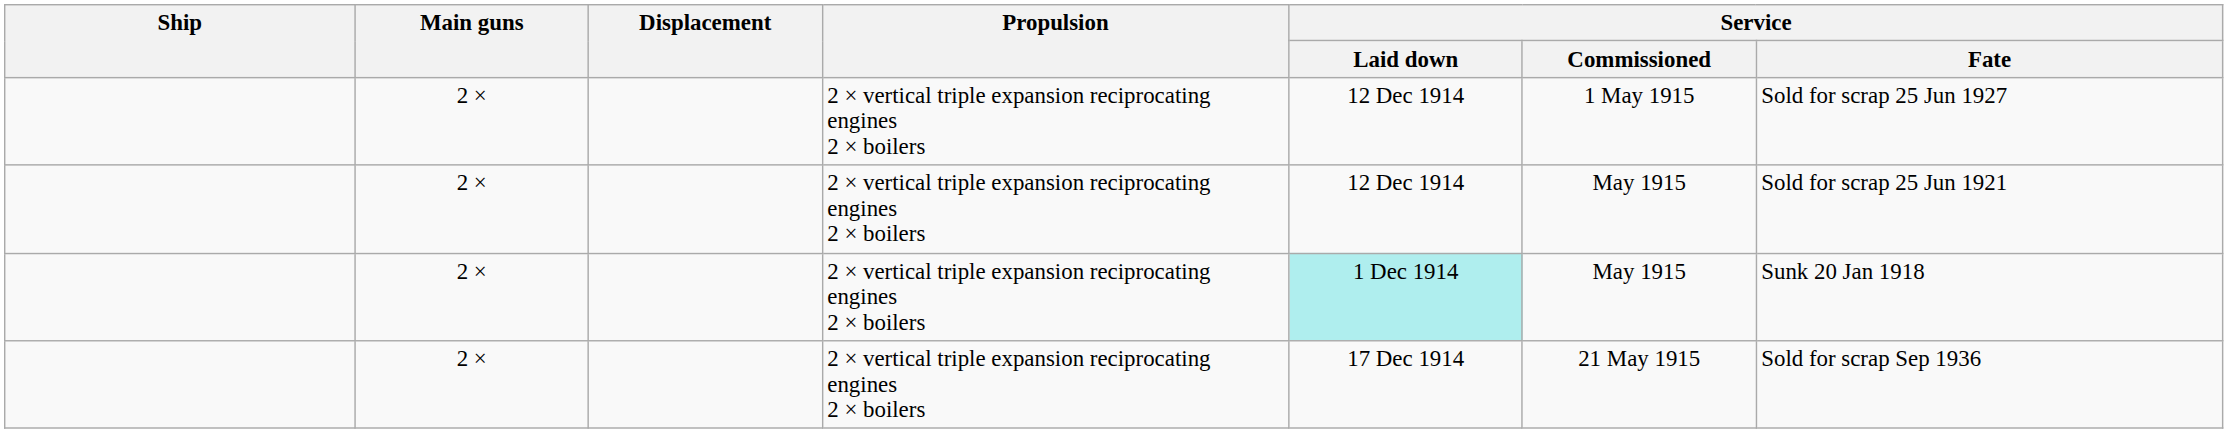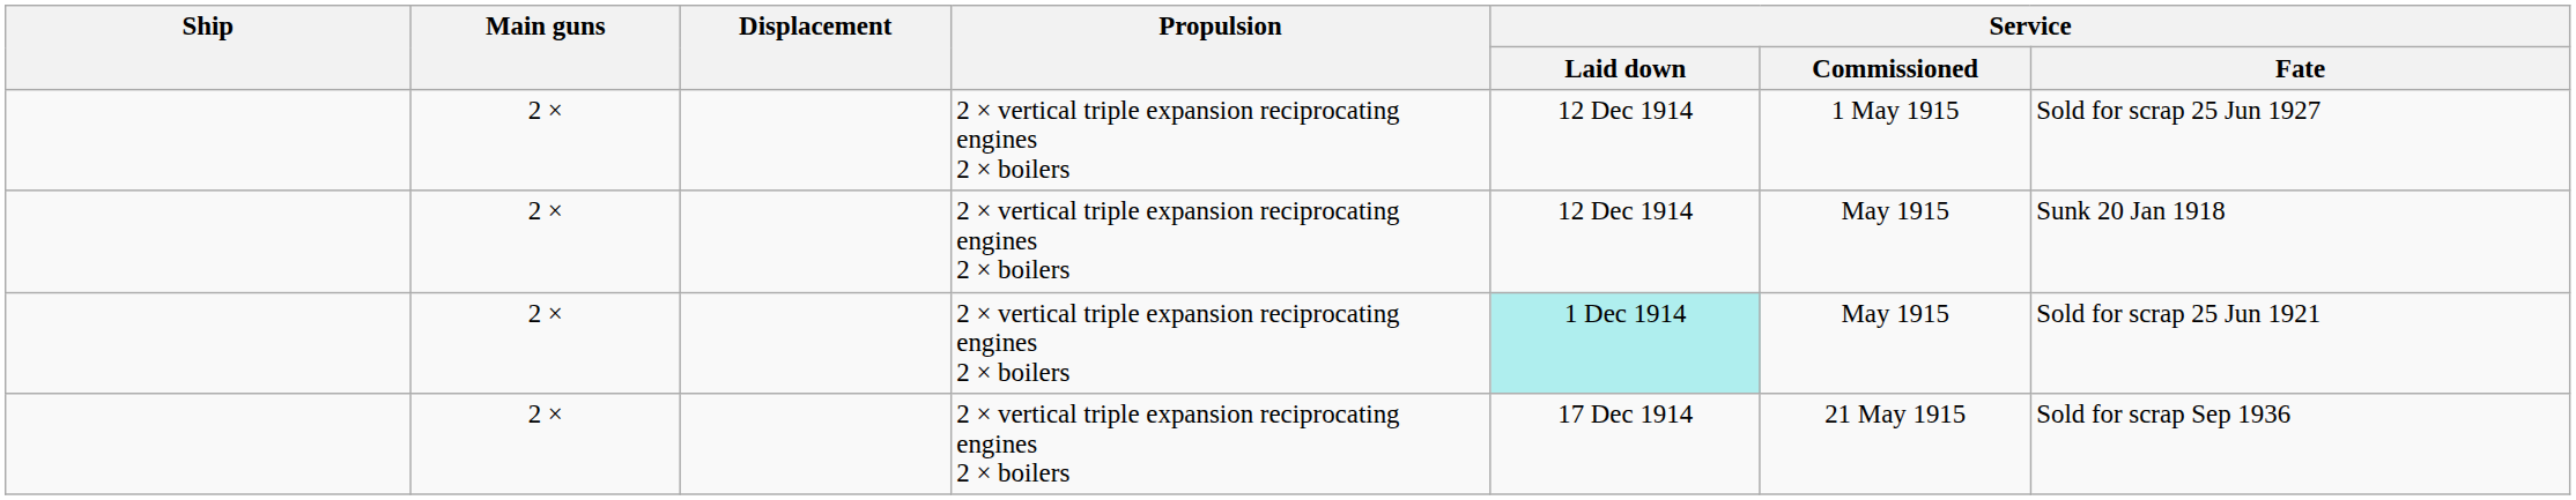 <table class="wikitable" style="width:98%;">
 <tr valign="top"|- valign="top">
 <th style="width:15%; text-align:center;" rowspan="2">Ship</th>
 <th style="width:10%; text-align:center;" rowspan="2">Main guns</th>
 <th style="width:10%; text-align:center;" rowspan="2">Displacement</th>
 <th style="width:20%; text-align:center;" rowspan="2">Propulsion</th>
 <th style="width:40%; text-align:center;" colspan="3">Service</th>
 </tr>
 <tr valign="top">
 <th style="width:10%; text-align:center;">Laid down</th>
 <th style="width:10%; text-align:center;">Commissioned</th>
 <th style="width:20%; text-align:center;">Fate</th>
 </tr>
 <tr valign="top">
 <td align= left></td>
 <td style="text-align:center;">2 × </td>
 <td style="text-align:center;"></td>
 <td align= left>2 × vertical triple expansion reciprocating engines<br>2 × boilers</td>
 <td style="text-align:center;">12 Dec 1914</td>
 <td style="text-align:center;">1 May 1915</td>
 <td align= left>Sold for scrap 25 Jun 1927</td>
 </tr>
 <tr valign="top">
 <td align= left></td>
 <td style="text-align:center;">2 × </td>
 <td style="text-align:center;"></td>
 <td align= left>2 × vertical triple expansion reciprocating engines<br>2 × boilers</td>
 <td style="text-align:center;">12 Dec 1914</td>
 <td style="text-align:center;">May 1915</td>
-<td align= left>Sold for scrap 25 Jun 1921</td>
+<td align= left>Sunk 20 Jan 1918</td>
 </tr>
 <tr valign="top">
 <td align= left></td>
 <td style="text-align:center;">2 × </td>
 <td style="text-align:center;"></td>
 <td align= left>2 × vertical triple expansion reciprocating engines<br>2 × boilers</td>
 <td style="background: paleturquoise; text-align:center;">1 Dec 1914</td>
 <td style="text-align:center;">May 1915</td>
-<td align= left>Sunk 20 Jan 1918</td>
+<td align= left>Sold for scrap 25 Jun 1921</td>
 </tr>
 <tr valign="top">
 <td align= left></td>
 <td style="text-align:center;">2 × </td>
 <td style="text-align:center;"></td>
 <td align= left>2 × vertical triple expansion reciprocating engines<br>2 × boilers</td>
 <td style="text-align:center;">17 Dec 1914</td>
 <td style="text-align:center;">21 May 1915</td>
 <td align= left>Sold for scrap Sep 1936</td>
 </tr>
 </table>
